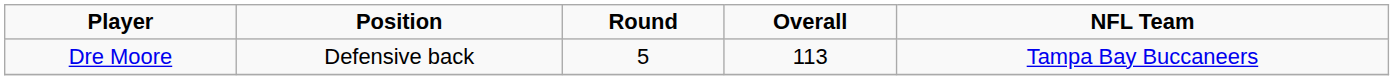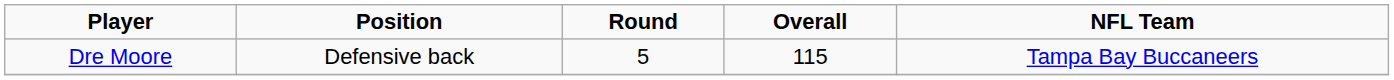 <table class="wikitable" width="80%">
 <tr align="center">
 <td><strong>Player</strong></td>
 <td><strong>Position</strong></td>
 <td><strong>Round</strong></td>
 <td><strong>Overall</strong></td>
 <td><strong>NFL Team</strong></td>
 </tr>
 <tr align="center" bgcolor="">
 <td><a href='#'>Dre Moore</a></td>
 <td>Defensive back</td>
 <td>5</td>
-<td>113</td>
+<td>115</td>
 <td><a href='#'>Tampa Bay Buccaneers</a></td>
 </tr>
 <tr align="center" bgcolor="">
 </tr>
 </table>
